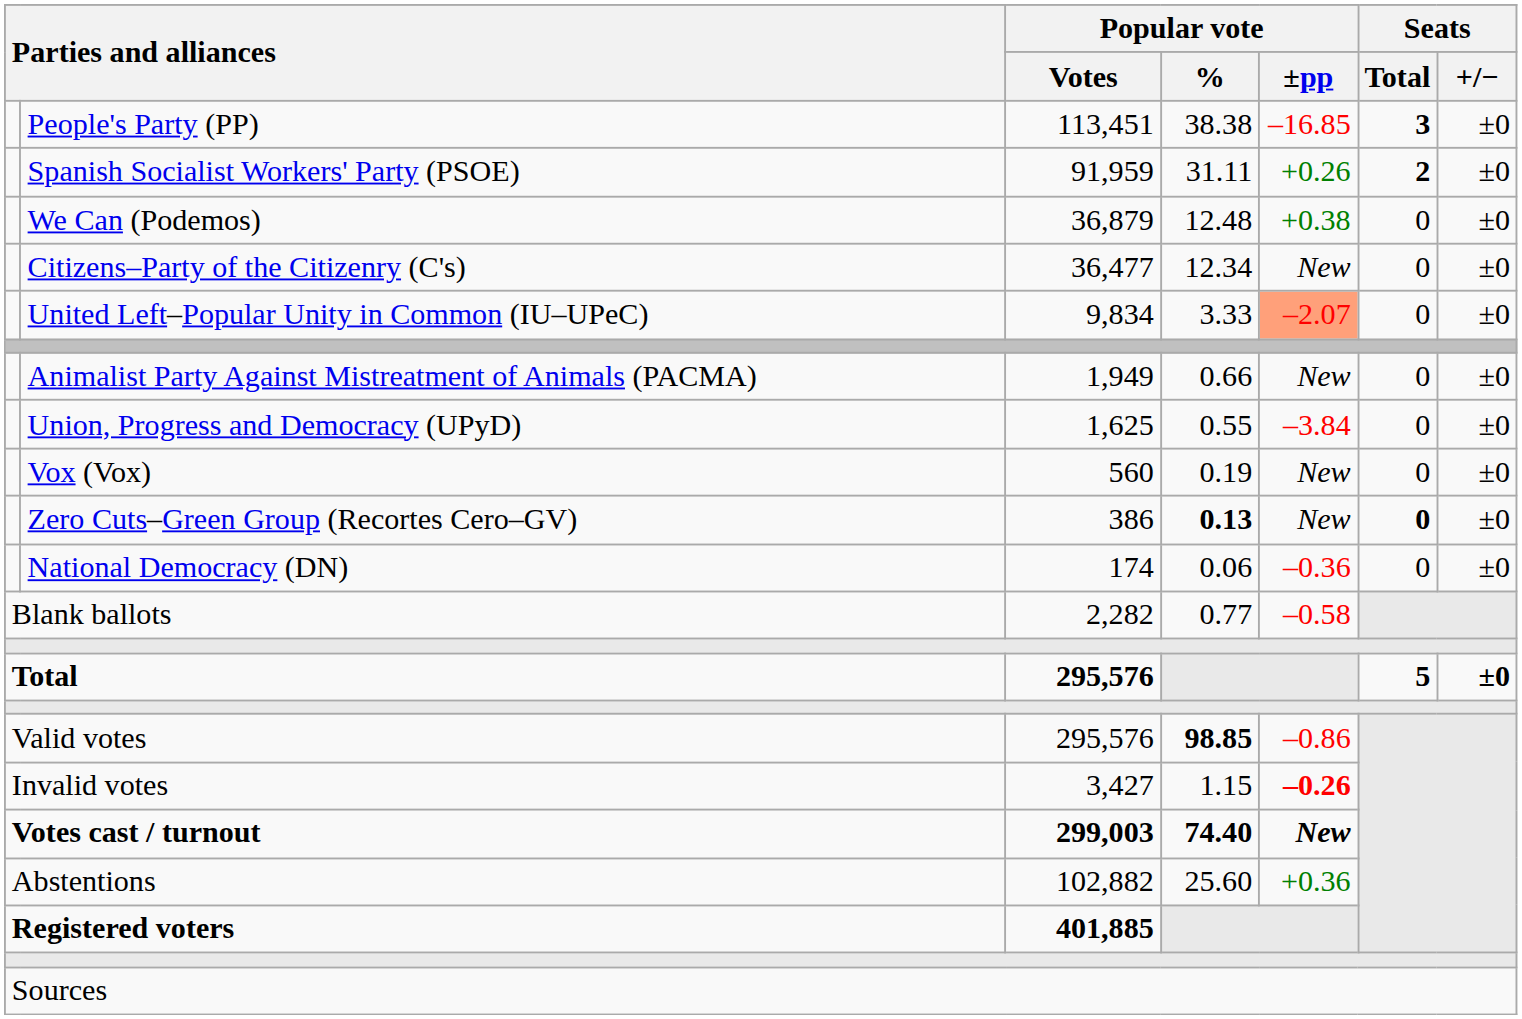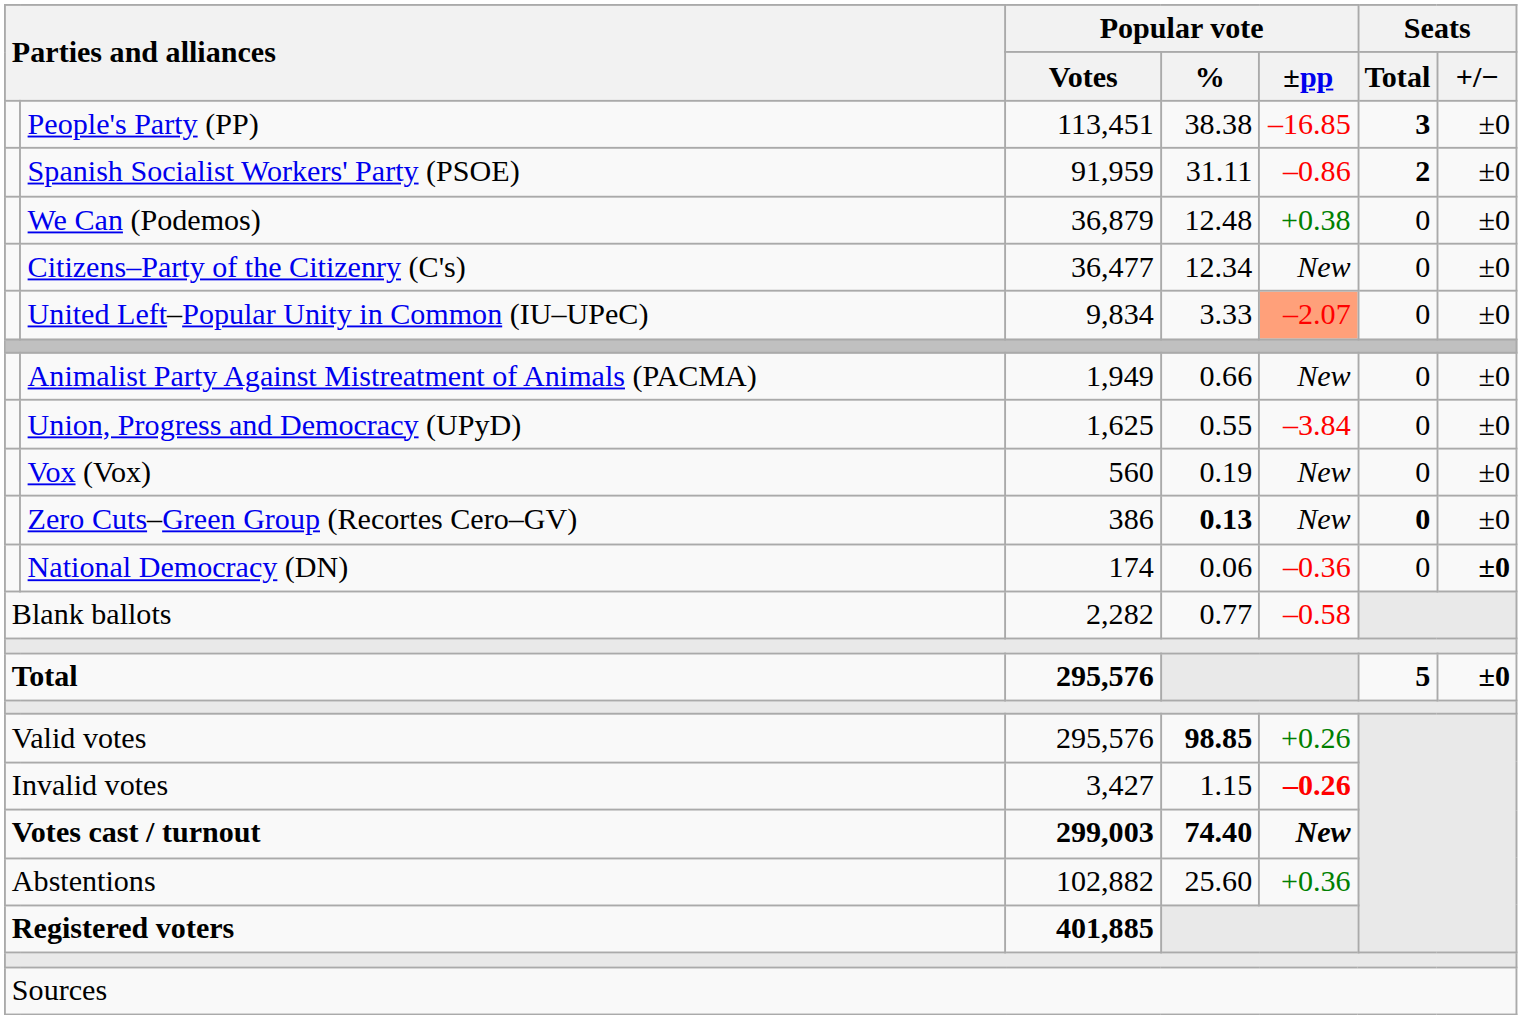 <table class="wikitable" style="text-align:right;">
 <tr>
 <th style="text-align:left;" rowspan="2" colspan="2" width="525">Parties and alliances</th>
 <th colspan="3">Popular vote</th>
 <th colspan="2">Seats</th>
 </tr>
 <tr>
 <th width="75">Votes</th>
 <th width="45">%</th>
 <th width="45">±<a href='#'>pp</a></th>
 <th width="35">Total</th>
 <th width="35">+/−</th>
 </tr>
 <tr>
 <td width="1" style="color:inherit;background:"></td>
 <td align="left"><a href='#'>People's Party</a> (PP)</td>
 <td>113,451</td>
 <td>38.38</td>
 <td style="color:red;">–16.85</td>
 <td><strong>3</strong></td>
 <td>±0</td>
 </tr>
 <tr>
 <td style="color:inherit;background:"></td>
 <td align="left"><a href='#'>Spanish Socialist Workers' Party</a> (PSOE)</td>
 <td>91,959</td>
 <td>31.11</td>
-<td style="color:green;">+0.26</td>
+<td style="color:red;">–0.86</td>
 <td><strong>2</strong></td>
 <td>±0</td>
 </tr>
 <tr>
 <td style="color:inherit;background:"></td>
 <td align="left"><a href='#'>We Can</a> (Podemos)</td>
 <td>36,879</td>
 <td>12.48</td>
 <td style="color:green;">+0.38</td>
 <td>0</td>
 <td>±0</td>
 </tr>
 <tr>
 <td style="color:inherit;background:"></td>
 <td align="left"><a href='#'>Citizens–Party of the Citizenry</a> (C's)</td>
 <td>36,477</td>
 <td>12.34</td>
 <td><em>New</em></td>
 <td>0</td>
 <td>±0</td>
 </tr>
 <tr>
 <td style="color:inherit;background:"></td>
 <td align="left"><a href='#'>United Left</a>–<a href='#'>Popular Unity in Common</a> (IU–UPeC)</td>
 <td>9,834</td>
 <td>3.33</td>
 <td style="background: lightsalmon; color:red;">–2.07</td>
 <td>0</td>
 <td>±0</td>
 </tr>
 <tr>
 <td colspan="7" bgcolor="#C0C0C0"></td>
 </tr>
 <tr>
 <td style="color:inherit;background:"></td>
 <td align="left"><a href='#'>Animalist Party Against Mistreatment of Animals</a> (PACMA)</td>
 <td>1,949</td>
 <td>0.66</td>
 <td><em>New</em></td>
 <td>0</td>
 <td>±0</td>
 </tr>
 <tr>
 <td style="color:inherit;background:"></td>
 <td align="left"><a href='#'>Union, Progress and Democracy</a> (UPyD)</td>
 <td>1,625</td>
 <td>0.55</td>
 <td style="color:red;">–3.84</td>
 <td>0</td>
 <td>±0</td>
 </tr>
 <tr>
 <td style="color:inherit;background:"></td>
 <td align="left"><a href='#'>Vox</a> (Vox)</td>
 <td>560</td>
 <td>0.19</td>
 <td><em>New</em></td>
 <td>0</td>
 <td>±0</td>
 </tr>
 <tr>
 <td style="color:inherit;background:"></td>
 <td align="left"><a href='#'>Zero Cuts</a>–<a href='#'>Green Group</a> (Recortes Cero–GV)</td>
 <td>386</td>
 <td><strong>0.13</strong></td>
 <td><em>New</em></td>
 <td><strong>0</strong></td>
 <td>±0</td>
 </tr>
 <tr>
 <td style="color:inherit;background:"></td>
 <td align="left"><a href='#'>National Democracy</a> (DN)</td>
 <td>174</td>
 <td>0.06</td>
 <td style="color:red;">–0.36</td>
 <td>0</td>
-<td>±0</td>
+<td><strong>±0</strong></td>
 </tr>
 <tr>
 <td align="left" colspan="2">Blank ballots</td>
 <td>2,282</td>
 <td>0.77</td>
 <td style="color:red;">–0.58</td>
 <td bgcolor="#E9E9E9" colspan="2"></td>
 </tr>
 <tr>
 <td colspan="7" bgcolor="#E9E9E9"></td>
 </tr>
 <tr style="font-weight:bold;">
 <td align="left" colspan="2">Total</td>
 <td>295,576</td>
 <td bgcolor="#E9E9E9" colspan="2"></td>
 <td>5</td>
 <td>±0</td>
 </tr>
 <tr>
 <td colspan="7" bgcolor="#E9E9E9"></td>
 </tr>
 <tr>
 <td align="left" colspan="2">Valid votes</td>
 <td>295,576</td>
 <td><strong>98.85</strong></td>
-<td style="color:red;">–0.86</td>
+<td style="color:green;">+0.26</td>
 <td bgcolor="#E9E9E9" colspan="2" rowspan="5"></td>
 </tr>
 <tr>
 <td align="left" colspan="2">Invalid votes</td>
 <td>3,427</td>
 <td>1.15</td>
 <td style="color:red;"><strong>–0.26</strong></td>
 </tr>
 <tr style="font-weight:bold;">
 <td align="left" colspan="2">Votes cast / turnout</td>
 <td>299,003</td>
 <td>74.40</td>
 <td><em>New</em></td>
 </tr>
 <tr>
 <td align="left" colspan="2">Abstentions</td>
 <td>102,882</td>
 <td>25.60</td>
 <td style="color:green;">+0.36</td>
 </tr>
 <tr style="font-weight:bold;">
 <td align="left" colspan="2">Registered voters</td>
 <td>401,885</td>
 <td bgcolor="#E9E9E9" colspan="2"></td>
 </tr>
 <tr>
 <td colspan="7" bgcolor="#E9E9E9"></td>
 </tr>
 <tr>
 <td align="left" colspan="7">Sources</td>
 </tr>
 </table>
